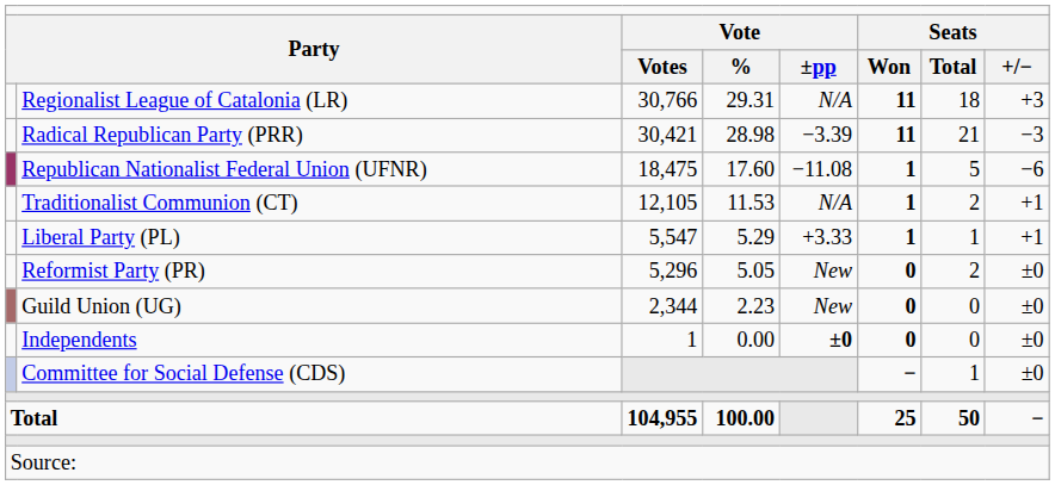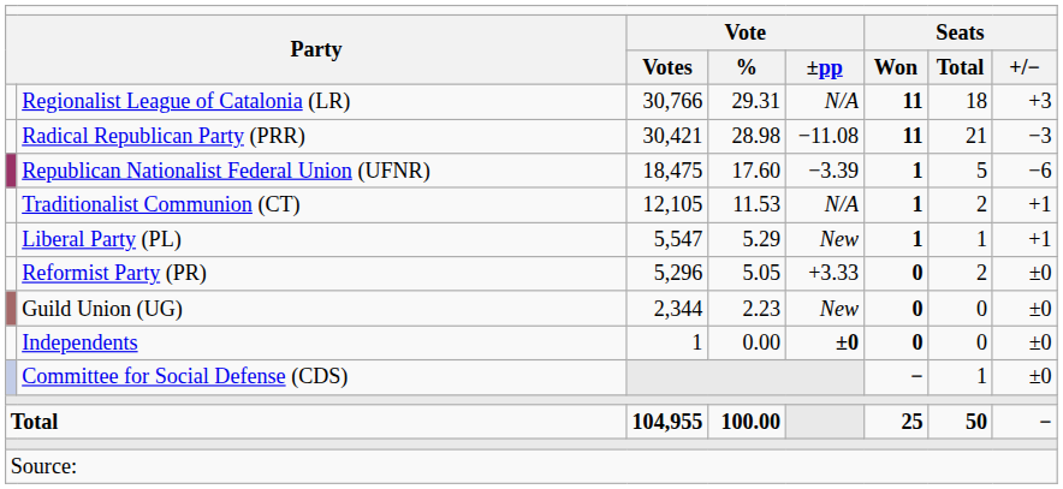 <table class='wikitable' style='text-align:right; font-size:100%;'>
 <tr>
 <td colspan='8'></td>
 </tr>
 <tr bgcolor='#E9E9E9' align='center'>
 <th align='left' rowspan='2' colspan='2' width='450'>Party</th>
 <th colspan='3'>Vote</th>
 <th colspan='3'>Seats</th>
 </tr>
 <tr bgcolor='#E9E9E9' align='center'>
 <th width='50'>Votes</th>
 <th width='50'>%</th>
 <th width='50'>±<a href='#'>pp</a></th>
 <th width='40'>Won</th>
 <th width='40'>Total</th>
 <th width='40'>+/−</th>
 </tr>
 <tr>
 <td></td>
 <td align='left'><a href='#'>Regionalist League of Catalonia</a> (LR)</td>
 <td>30,766</td>
 <td>29.31</td>
 <td><em>N/A</em></td>
 <td><strong>11</strong></td>
 <td>18</td>
 <td>+3</td>
 </tr>
 <tr>
 <td></td>
 <td align='left'><a href='#'>Radical Republican Party</a> (PRR)</td>
 <td>30,421</td>
 <td>28.98</td>
-<td>−3.39</td>
+<td>−11.08</td>
 <td><strong>11</strong></td>
 <td>21</td>
 <td>−3</td>
 </tr>
 <tr>
 <td bgcolor='#993366'></td>
 <td align='left'><a href='#'>Republican Nationalist Federal Union</a> (UFNR)</td>
 <td>18,475</td>
 <td>17.60</td>
-<td>−11.08</td>
+<td>−3.39</td>
 <td><strong>1</strong></td>
 <td>5</td>
 <td>−6</td>
 </tr>
 <tr>
 <td></td>
 <td align='left'><a href='#'>Traditionalist Communion</a> (CT)</td>
 <td>12,105</td>
 <td>11.53</td>
 <td><em>N/A</em></td>
 <td><strong>1</strong></td>
 <td>2</td>
 <td>+1</td>
 </tr>
 <tr>
 <td></td>
 <td align='left'><a href='#'>Liberal Party</a> (PL)</td>
 <td>5,547</td>
 <td>5.29</td>
-<td>+3.33</td>
+<td><em>New</em></td>
 <td><strong>1</strong></td>
 <td>1</td>
 <td>+1</td>
 </tr>
 <tr>
 <td></td>
 <td align='left'><a href='#'>Reformist Party</a> (PR)</td>
 <td>5,296</td>
 <td>5.05</td>
-<td><em>New</em></td>
+<td>+3.33</td>
 <td><strong>0</strong></td>
 <td>2</td>
 <td>±0</td>
 </tr>
 <tr>
 <td bgcolor='#A46868'></td>
 <td align='left'>Guild Union (UG)</td>
 <td>2,344</td>
 <td>2.23</td>
 <td><em>New</em></td>
 <td><strong>0</strong></td>
 <td>0</td>
 <td>±0</td>
 </tr>
 <tr>
 <td width='1'></td>
 <td align='left'><a href='#'>Independents</a></td>
 <td>1</td>
 <td>0.00</td>
 <td><strong>±0</strong></td>
 <td><strong>0</strong></td>
 <td>0</td>
 <td>±0</td>
 </tr>
 <tr>
 <td width='1' bgcolor='#C2CCE7'></td>
 <td align='left'><a href='#'>Committee for Social Defense</a> (CDS)</td>
 <td bgcolor='#E9E9E9' colspan=3></td>
 <td><strong>−</strong></td>
 <td>1</td>
 <td>±0</td>
 </tr>
 <tr>
 <td colspan='8' bgcolor='#E9E9E9'></td>
 </tr>
 <tr style='font-weight:bold;'>
 <td align='left' colspan='2'>Total</td>
 <td>104,955</td>
 <td>100.00</td>
 <td bgcolor='#E9E9E9'></td>
 <td>25</td>
 <td>50</td>
 <td>−</td>
 </tr>
 <tr>
 <td colspan='8' bgcolor='#E9E9E9'></td>
 </tr>
 <tr>
 <td align='left' colspan='8'>Source:</td>
 </tr>
 </table>
